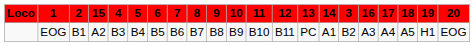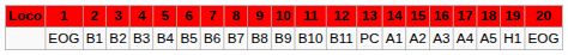 <table class="wikitable plainrowheaders unsortable" style="text-align:center">
 <tr>
 <th scope="col" rowspan="1" style="background:red;">Loco</th>
 <th scope="col" rowspan="1" style="background:red;">1</th>
 <th scope="col" rowspan="1" style="background:red;">2</th>
-<th scope="col" rowspan="1" style="background:red;">15</th>
+<th scope="col" rowspan="1" style="background:red;">3</th>
 <th scope="col" rowspan="1" style="background:red;">4</th>
 <th scope="col" rowspan="1" style="background:red;">5</th>
 <th scope="col" rowspan="1" style="background:red;">6</th>
 <th scope="col" rowspan="1" style="background:red;">7</th>
 <th scope="col" rowspan="1" style="background:red;">8</th>
 <th scope="col" rowspan="1" style="background:red;">9</th>
 <th scope="col" rowspan="1" style="background:red;">10</th>
 <th scope="col" rowspan="1" style="background:red;">11</th>
 <th scope="col" rowspan="1" style="background:red;">12</th>
 <th scope="col" rowspan="1" style="background:red;">13</th>
 <th scope="col" rowspan="1" style="background:red;">14</th>
-<th scope="col" rowspan="1" style="background:red;">3</th>
+<th scope="col" rowspan="1" style="background:red;">15</th>
 <th scope="col" rowspan="1" style="background:red;">16</th>
 <th scope="col" rowspan="1" style="background:red;">17</th>
 <th scope="col" rowspan="1" style="background:red;">18</th>
 <th scope="col" rowspan="1" style="background:red;">19</th>
 <th scope="col" rowspan="1" style="background:red;">20</th>
 </tr>
 <tr>
 <td></td>
 <td>EOG</td>
 <td>B1</td>
-<td>A2</td>
+<td>B2</td>
 <td>B3</td>
 <td>B4</td>
 <td>B5</td>
 <td>B6</td>
 <td>B7</td>
 <td>B8</td>
 <td>B9</td>
 <td>B10</td>
 <td>B11</td>
 <td>PC</td>
 <td>A1</td>
-<td>B2</td>
+<td>A2</td>
 <td>A3</td>
 <td>A4</td>
 <td>A5</td>
 <td>H1</td>
 <td>EOG</td>
 </tr>
 </table>
